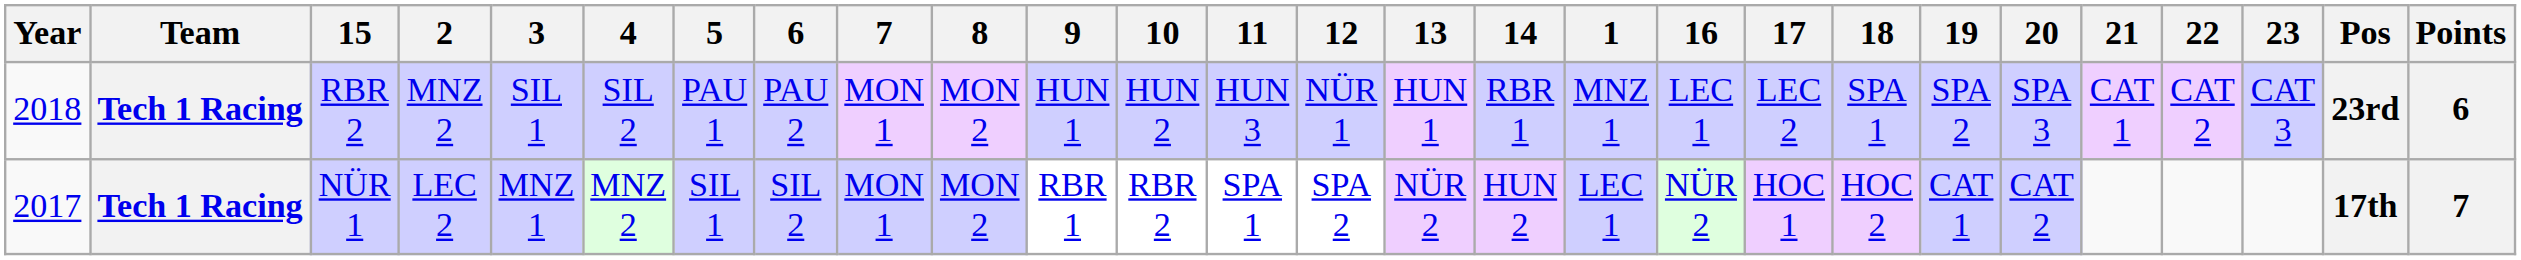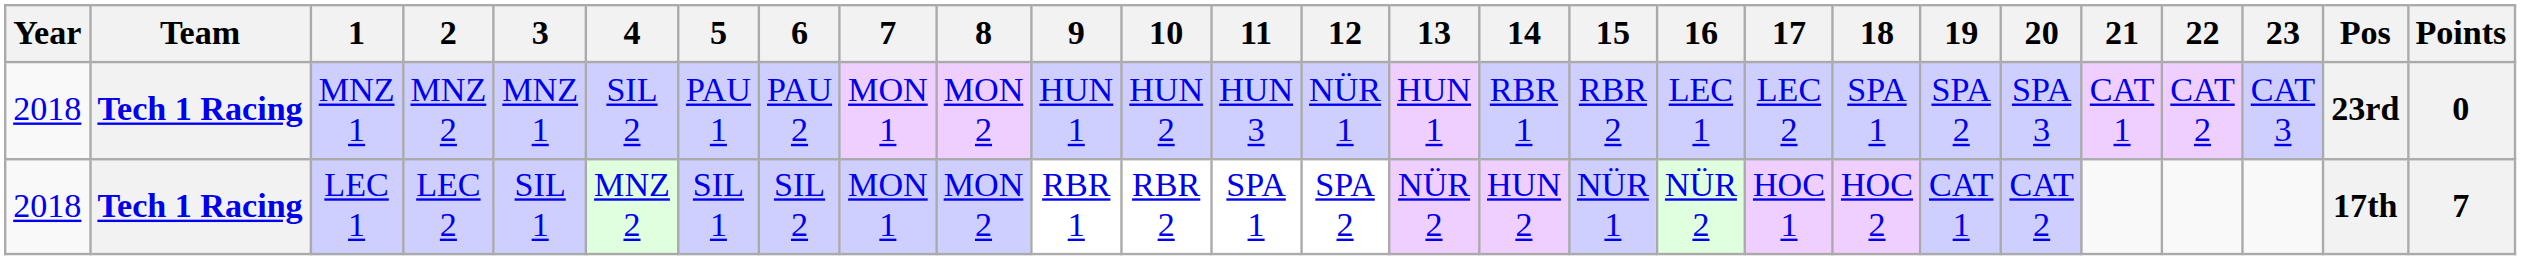 <table class="wikitable" style="text-align:center; font-size:90%">
 <tr>
 <th>Year</th>
 <th>Team</th>
-<th>15</th>
+<th>1</th>
 <th>2</th>
 <th>3</th>
 <th>4</th>
 <th>5</th>
 <th>6</th>
 <th>7</th>
 <th>8</th>
 <th>9</th>
 <th>10</th>
 <th>11</th>
 <th>12</th>
 <th>13</th>
 <th>14</th>
-<th>1</th>
+<th>15</th>
 <th>16</th>
 <th>17</th>
 <th>18</th>
 <th>19</th>
 <th>20</th>
 <th>21</th>
 <th>22</th>
 <th>23</th>
 <th>Pos</th>
 <th>Points</th>
 </tr>
 <tr>
 <td><a href='#'>2018</a></td>
 <th><a href='#'>Tech 1 Racing</a></th>
-<td style="background:#CFCFFF;"><a href='#'>RBR<br>2</a><br></td>
+<td style="background:#CFCFFF;"><a href='#'>MNZ<br>1</a><br></td>
 <td style="background:#CFCFFF;"><a href='#'>MNZ<br>2</a><br></td>
-<td style="background:#CFCFFF;"><a href='#'>SIL<br>1</a><br></td>
+<td style="background:#CFCFFF;"><a href='#'>MNZ<br>1</a><br></td>
 <td style="background:#CFCFFF;"><a href='#'>SIL<br>2</a><br></td>
 <td style="background:#CFCFFF;"><a href='#'>PAU<br>1</a><br></td>
 <td style="background:#CFCFFF;"><a href='#'>PAU<br>2</a><br></td>
 <td style="background:#EFCFFF;"><a href='#'>MON<br>1</a><br></td>
 <td style="background:#EFCFFF;"><a href='#'>MON<br>2</a><br></td>
 <td style="background:#CFCFFF;"><a href='#'>HUN<br>1</a><br></td>
 <td style="background:#CFCFFF;"><a href='#'>HUN<br>2</a><br></td>
 <td style="background:#CFCFFF;"><a href='#'>HUN<br>3</a><br></td>
 <td style="background:#CFCFFF;"><a href='#'>NÜR<br>1</a><br></td>
 <td style="background:#EFCFFF;"><a href='#'>HUN<br>1</a><br></td>
 <td style="background:#CFCFFF;"><a href='#'>RBR<br>1</a><br></td>
-<td style="background:#CFCFFF;"><a href='#'>MNZ<br>1</a><br></td>
+<td style="background:#CFCFFF;"><a href='#'>RBR<br>2</a><br></td>
 <td style="background:#CFCFFF;"><a href='#'>LEC<br>1</a><br></td>
 <td style="background:#CFCFFF;"><a href='#'>LEC<br>2</a><br></td>
 <td style="background:#CFCFFF;"><a href='#'>SPA<br>1</a><br></td>
 <td style="background:#CFCFFF;"><a href='#'>SPA<br>2</a><br></td>
 <td style="background:#CFCFFF;"><a href='#'>SPA<br>3</a><br></td>
 <td style="background:#EFCFFF;"><a href='#'>CAT<br>1</a><br></td>
 <td style="background:#EFCFFF;"><a href='#'>CAT<br>2</a><br></td>
 <td style="background:#CFCFFF;"><a href='#'>CAT<br>3</a><br></td>
 <th>23rd</th>
-<th>6</th>
+<th>0</th>
 </tr>
 <tr>
-<td><a href='#'>2017</a></td>
+<td><a href='#'>2018</a></td>
 <th><a href='#'>Tech 1 Racing</a></th>
-<td style="background:#CFCFFF;"><a href='#'>NÜR<br>1</a><br></td>
+<td style="background:#CFCFFF;"><a href='#'>LEC<br>1</a><br></td>
 <td style="background:#CFCFFF;"><a href='#'>LEC<br>2</a><br></td>
-<td style="background:#CFCFFF;"><a href='#'>MNZ<br>1</a><br></td>
+<td style="background:#CFCFFF;"><a href='#'>SIL<br>1</a><br></td>
 <td style="background:#DFFFDF;"><a href='#'>MNZ<br>2</a><br></td>
 <td style="background:#CFCFFF;"><a href='#'>SIL<br>1</a><br></td>
 <td style="background:#CFCFFF;"><a href='#'>SIL<br>2</a><br></td>
 <td style="background:#CFCFFF;"><a href='#'>MON<br>1</a><br></td>
 <td style="background:#CFCFFF;"><a href='#'>MON<br>2</a><br></td>
 <td style="background:#FFFFFF;"><a href='#'>RBR<br>1</a><br></td>
 <td style="background:#FFFFFF;"><a href='#'>RBR<br>2</a><br></td>
 <td style="background:#FFFFFF;"><a href='#'>SPA<br>1</a><br></td>
 <td style="background:#FFFFFF;"><a href='#'>SPA<br>2</a><br></td>
 <td style="background:#EFCFFF;"><a href='#'>NÜR<br>2</a><br></td>
 <td style="background:#EFCFFF;"><a href='#'>HUN<br>2</a><br></td>
-<td style="background:#CFCFFF;"><a href='#'>LEC<br>1</a><br></td>
+<td style="background:#CFCFFF;"><a href='#'>NÜR<br>1</a><br></td>
 <td style="background:#DFFFDF;"><a href='#'>NÜR<br>2</a><br></td>
 <td style="background:#EFCFFF;"><a href='#'>HOC<br>1</a><br></td>
 <td style="background:#EFCFFF;"><a href='#'>HOC<br>2</a><br></td>
 <td style="background:#CFCFFF;"><a href='#'>CAT<br>1</a><br></td>
 <td style="background:#CFCFFF;"><a href='#'>CAT<br>2</a><br></td>
 <td></td>
 <td></td>
 <td></td>
 <th>17th</th>
 <th>7</th>
 </tr>
 </table>
